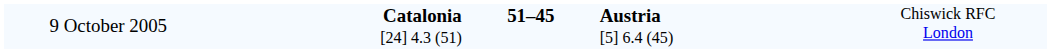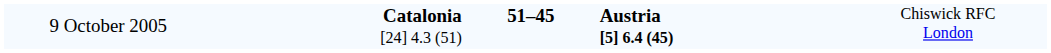 <table style="width: 100%; background:#F5FAFF;" cellspacing="0">
 <tr>
 <td align=center rowspan=3 width=20%>9 October 2005</td>
 </tr>
 <tr>
 <td width=24% align=right><strong>Catalonia</strong></td>
 <td align=center width=13%><strong>51–45</strong></td>
 <td width=24%><strong>Austria</strong></td>
 <td style=font-size:85% rowspan=3 valign=top align=center>Chiswick RFC<br><a href='#'>London</a></td>
 </tr>
 <tr style=font-size:85%>
 <td align=right>[24] 4.3 (51)</td>
 <td></td>
-<td>[5] 6.4 (45)</td>
+<td><strong>[5] 6.4 (45)</strong></td>
 </tr>
 </table>
